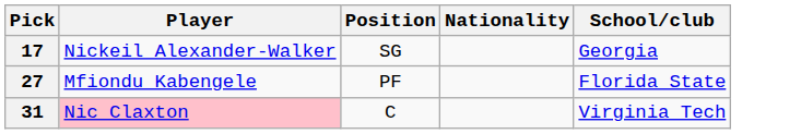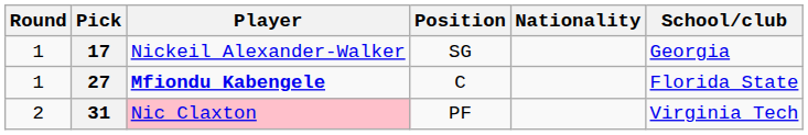 <table class="wikitable">
 <tr>
+<th scope="col">Round</th>
 <th scope="col">Pick</th>
 <th scope="col">Player</th>
 <th scope="col">Position</th>
 <th scope="col">Nationality</th>
 <th scope="col">School/club</th>
 </tr>
 <tr>
+<td style="text-align:center;">1</td>
 <th scope="row">17</th>
 <td><a href='#'>Nickeil Alexander-Walker</a></td>
 <td style="text-align:center;">SG</td>
 <td></td>
 <td><a href='#'>Georgia</a></td>
 </tr>
 <tr>
+<td style="text-align:center;">1</td>
 <th scope="row">27</th>
-<td><a href='#'>Mfiondu Kabengele</a></td>
-<td style="text-align:center;">PF</td>
+<td><strong><a href='#'>Mfiondu Kabengele</a></strong></td>
+<td style="text-align:center;">C</td>
 <td></td>
 <td><a href='#'>Florida State</a></td>
 </tr>
 <tr>
+<td style="text-align:center;">2</td>
 <th scope="row">31</th>
 <td style="background: pink;"><a href='#'>Nic Claxton</a></td>
-<td style="text-align:center;">C</td>
+<td style="text-align:center;">PF</td>
 <td></td>
 <td><a href='#'>Virginia Tech</a></td>
 </tr>
 </table>
